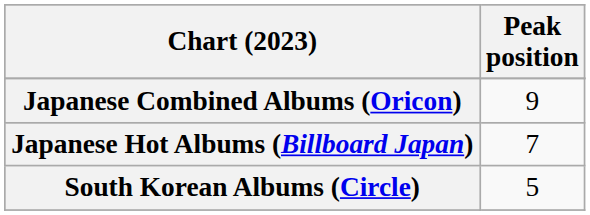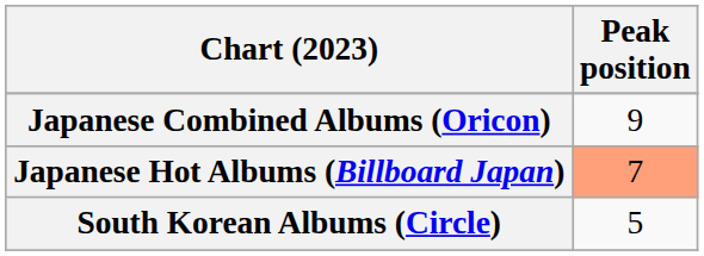 <table class="wikitable sortable plainrowheaders" style="text-align:center;">
 <tr>
 <th scope="col">Chart (2023)</th>
 <th scope="col">Peak<br>position</th>
 </tr>
 <tr>
 </tr>
 <tr>
 <th scope="row">Japanese Combined Albums (<a href='#'>Oricon</a>)</th>
 <td>9</td>
 </tr>
 <tr>
 <th scope="row">Japanese Hot Albums (<em><a href='#'>Billboard Japan</a></em>)</th>
-<td>7</td>
+<td style="background: lightsalmon;">7</td>
 </tr>
 <tr>
 <th scope="row">South Korean Albums (<a href='#'>Circle</a>)</th>
 <td>5</td>
 </tr>
 </table>
